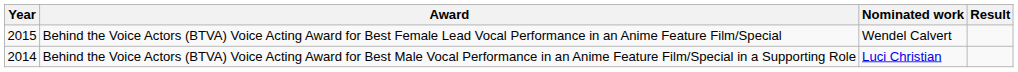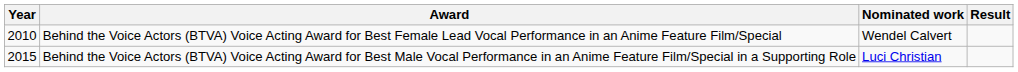 <table class="wikitable sortable">
 <tr>
 <th>Year</th>
 <th>Award</th>
 <th>Nominated work</th>
 <th>Result</th>
 </tr>
 <tr>
-<td>2015</td>
+<td>2010</td>
 <td>Behind the Voice Actors (BTVA) Voice Acting Award for Best Female Lead Vocal Performance in an Anime Feature Film/Special</td>
 <td>Wendel Calvert</td>
 <td></td>
 </tr>
 <tr>
-<td>2014</td>
+<td>2015</td>
 <td>Behind the Voice Actors (BTVA) Voice Acting Award for Best Male Vocal Performance in an Anime Feature Film/Special in a Supporting Role</td>
 <td><a href='#'>Luci Christian</a></td>
 <td></td>
 </tr>
 </table>
